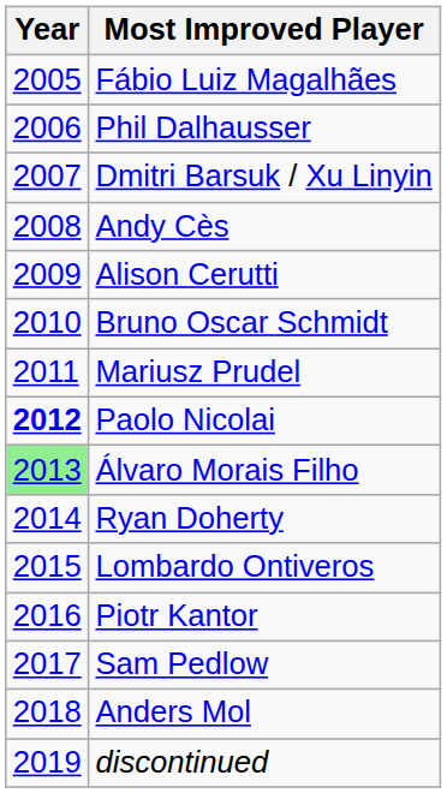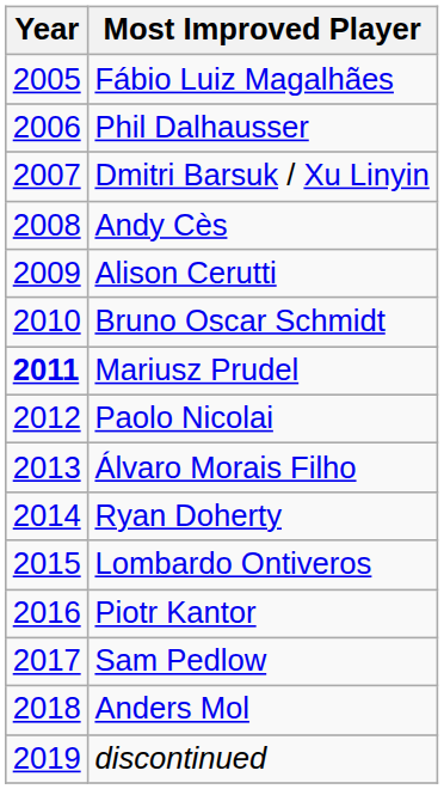 <table class="wikitable sortable" style="display:inline-table;">
 <tr>
 <th>Year</th>
 <th>Most Improved Player</th>
 </tr>
 <tr>
 <td><a href='#'>2005</a></td>
 <td> <a href='#'>Fábio Luiz Magalhães</a></td>
 </tr>
 <tr>
 <td><a href='#'>2006</a></td>
 <td> <a href='#'>Phil Dalhausser</a></td>
 </tr>
 <tr>
 <td><a href='#'>2007</a></td>
 <td> <a href='#'>Dmitri Barsuk</a> /  <a href='#'>Xu Linyin</a></td>
 </tr>
 <tr>
 <td><a href='#'>2008</a></td>
 <td> <a href='#'>Andy Cès</a></td>
 </tr>
 <tr>
 <td><a href='#'>2009</a></td>
 <td> <a href='#'>Alison Cerutti</a></td>
 </tr>
 <tr>
 <td><a href='#'>2010</a></td>
 <td> <a href='#'>Bruno Oscar Schmidt</a></td>
 </tr>
 <tr>
-<td><a href='#'>2011</a></td>
+<td><strong><a href='#'>2011</a></strong></td>
 <td> <a href='#'>Mariusz Prudel</a></td>
 </tr>
 <tr>
-<td><strong><a href='#'>2012</a></strong></td>
+<td><a href='#'>2012</a></td>
 <td> <a href='#'>Paolo Nicolai</a></td>
 </tr>
 <tr>
-<td style="background: lightgreen;"><a href='#'>2013</a></td>
+<td><a href='#'>2013</a></td>
 <td> <a href='#'>Álvaro Morais Filho</a></td>
 </tr>
 <tr>
 <td><a href='#'>2014</a></td>
 <td> <a href='#'>Ryan Doherty</a></td>
 </tr>
 <tr>
 <td><a href='#'>2015</a></td>
 <td> <a href='#'>Lombardo Ontiveros</a></td>
 </tr>
 <tr>
 <td><a href='#'>2016</a></td>
 <td> <a href='#'>Piotr Kantor</a></td>
 </tr>
 <tr>
 <td><a href='#'>2017</a></td>
 <td> <a href='#'>Sam Pedlow</a></td>
 </tr>
 <tr>
 <td><a href='#'>2018</a></td>
 <td> <a href='#'>Anders Mol</a></td>
 </tr>
 <tr>
 <td><a href='#'>2019</a></td>
 <td><em>discontinued</em></td>
 </tr>
 </table>
